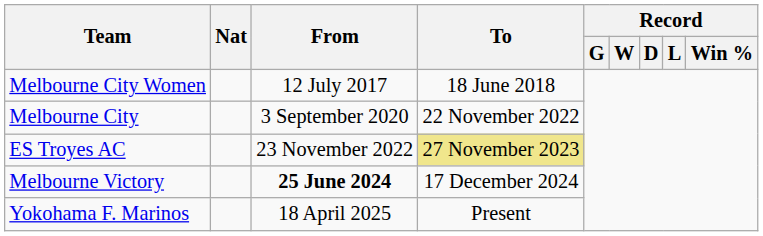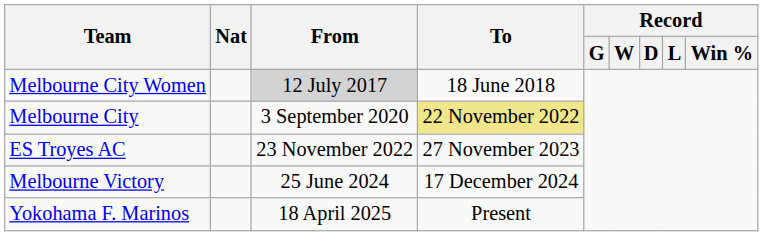 <table class="wikitable" style="text-align: center">
 <tr>
 <th rowspan="2">Team</th>
 <th rowspan="2">Nat</th>
 <th rowspan="2">From</th>
 <th rowspan="2">To</th>
 <th colspan="5">Record</th>
 </tr>
 <tr>
 <th>G</th>
 <th>W</th>
 <th>D</th>
 <th>L</th>
 <th>Win %</th>
 </tr>
 <tr>
 <td align="left"><a href='#'>Melbourne City Women</a></td>
 <td></td>
-<td>12 July 2017</td>
+<td style="background: lightgrey;">12 July 2017</td>
 <td>18 June 2018<br></td>
 </tr>
 <tr>
 <td align="left"><a href='#'>Melbourne City</a></td>
 <td></td>
 <td>3 September 2020</td>
-<td>22 November 2022<br></td>
+<td style="background: khaki;">22 November 2022<br></td>
 </tr>
 <tr>
 <td align="left"><a href='#'>ES Troyes AC</a></td>
 <td></td>
 <td>23 November 2022</td>
-<td style="background: khaki;">27 November 2023<br></td>
+<td>27 November 2023<br></td>
 </tr>
 <tr>
 <td align="left"><a href='#'>Melbourne Victory</a></td>
 <td></td>
-<td><strong>25 June 2024</strong></td>
+<td>25 June 2024</td>
 <td>17 December 2024<br></td>
 </tr>
 <tr>
 <td align="left"><a href='#'>Yokohama F. Marinos</a></td>
 <td></td>
 <td>18 April 2025</td>
 <td>Present<br></td>
 </tr>
 </table>
